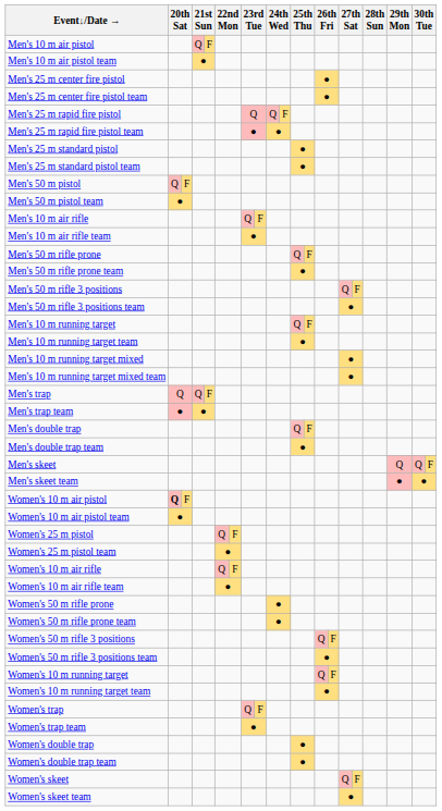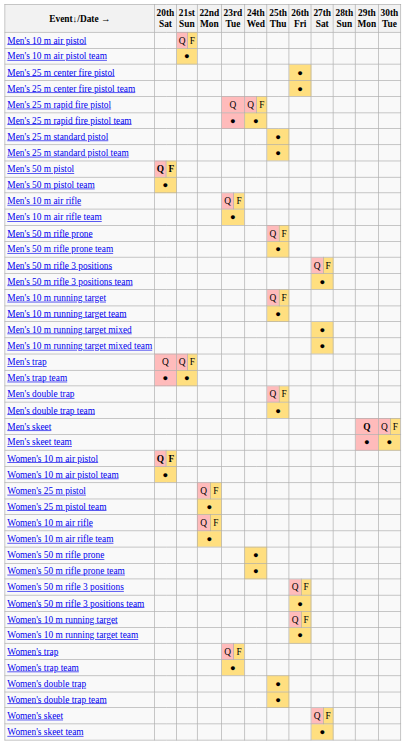 <table class="wikitable" style="margin:0.5em auto; font-size:90%; line-height:1.25em; text-align:center;">
 <tr>
 <th>Event↓/Date →</th>
 <th colspan=2>20th<br>Sat</th>
 <th colspan=2>21st<br>Sun</th>
 <th colspan=2>22nd<br>Mon</th>
 <th colspan=2>23rd<br>Tue</th>
 <th colspan=2>24th<br>Wed</th>
 <th colspan=2>25th<br>Thu</th>
 <th colspan=2>26th<br>Fri</th>
 <th colspan=2>27th<br>Sat</th>
 <th>28th<br>Sun</th>
 <th>29th<br>Mon</th>
 <th colspan=2>30th<br>Tue</th>
 </tr>
 <tr>
 <td align=left><a href='#'>Men's 10 m air pistol</a></td>
 <td colspan=2></td>
 <td bgcolor="#FFBBBB">Q</td>
 <td bgcolor="#FFDF80">F</td>
 <td colspan=2></td>
 <td colspan=2></td>
 <td colspan=2></td>
 <td colspan=2></td>
 <td colspan=2></td>
 <td colspan=2></td>
 <td></td>
 <td></td>
 <td colspan=2></td>
 </tr>
 <tr>
 <td align=left><a href='#'>Men's 10 m air pistol team</a></td>
 <td colspan=2></td>
 <td colspan=2 bgcolor="#FFDF80">●</td>
 <td colspan=2></td>
 <td colspan=2></td>
 <td colspan=2></td>
 <td colspan=2></td>
 <td colspan=2></td>
 <td colspan=2></td>
 <td></td>
 <td></td>
 <td colspan=2></td>
 </tr>
 <tr>
 <td align=left><a href='#'>Men's 25 m center fire pistol</a></td>
 <td colspan=2></td>
 <td colspan=2></td>
 <td colspan=2></td>
 <td colspan=2></td>
 <td colspan=2></td>
 <td colspan=2></td>
 <td colspan=2 bgcolor="#FFDF80">●</td>
 <td colspan=2></td>
 <td></td>
 <td></td>
 <td colspan=2></td>
 </tr>
 <tr>
 <td align=left><a href='#'>Men's 25 m center fire pistol team</a></td>
 <td colspan=2></td>
 <td colspan=2></td>
 <td colspan=2></td>
 <td colspan=2></td>
 <td colspan=2></td>
 <td colspan=2></td>
 <td colspan=2 bgcolor="#FFDF80">●</td>
 <td colspan=2></td>
 <td></td>
 <td></td>
 <td colspan=2></td>
 </tr>
 <tr>
 <td align=left><a href='#'>Men's 25 m rapid fire pistol</a></td>
 <td colspan=2></td>
 <td colspan=2></td>
 <td colspan=2></td>
 <td colspan=2 bgcolor="#FFBBBB">Q</td>
 <td bgcolor="#FFBBBB">Q</td>
 <td bgcolor="#FFDF80">F</td>
 <td colspan=2></td>
 <td colspan=2></td>
 <td colspan=2></td>
 <td></td>
 <td></td>
 <td colspan=2></td>
 </tr>
 <tr>
 <td align=left><a href='#'>Men's 25 m rapid fire pistol team</a></td>
 <td colspan=2></td>
 <td colspan=2></td>
 <td colspan=2></td>
 <td colspan=2 bgcolor="#FFBBBB">●</td>
 <td colspan=2 bgcolor="#FFDF80">●</td>
 <td colspan=2></td>
 <td colspan=2></td>
 <td colspan=2></td>
 <td></td>
 <td></td>
 <td colspan=2></td>
 </tr>
 <tr>
 <td align=left><a href='#'>Men's 25 m standard pistol</a></td>
 <td colspan=2></td>
 <td colspan=2></td>
 <td colspan=2></td>
 <td colspan=2></td>
 <td colspan=2></td>
 <td colspan=2 bgcolor="#FFDF80">●</td>
 <td colspan=2></td>
 <td colspan=2></td>
 <td></td>
 <td></td>
 <td colspan=2></td>
 </tr>
 <tr>
 <td align=left><a href='#'>Men's 25 m standard pistol team</a></td>
 <td colspan=2></td>
 <td colspan=2></td>
 <td colspan=2></td>
 <td colspan=2></td>
 <td colspan=2></td>
 <td colspan=2 bgcolor="#FFDF80">●</td>
 <td colspan=2></td>
 <td colspan=2></td>
 <td></td>
 <td></td>
 <td colspan=2></td>
 </tr>
 <tr>
 <td align=left><a href='#'>Men's 50 m pistol</a></td>
-<td bgcolor="#FFBBBB">Q</td>
-<td bgcolor="#FFDF80">F</td>
+<td bgcolor="#FFBBBB"><strong>Q</strong></td>
+<td bgcolor="#FFDF80"><strong>F</strong></td>
 <td colspan=2></td>
 <td colspan=2></td>
 <td colspan=2></td>
 <td colspan=2></td>
 <td colspan=2></td>
 <td colspan=2></td>
 <td colspan=2></td>
 <td></td>
 <td></td>
 <td colspan=2></td>
 </tr>
 <tr>
 <td align=left><a href='#'>Men's 50 m pistol team</a></td>
 <td colspan=2 bgcolor="#FFDF80">●</td>
 <td colspan=2></td>
 <td colspan=2></td>
 <td colspan=2></td>
 <td colspan=2></td>
 <td colspan=2></td>
 <td colspan=2></td>
 <td colspan=2></td>
 <td></td>
 <td></td>
 <td colspan=2></td>
 </tr>
 <tr>
 <td align=left><a href='#'>Men's 10 m air rifle</a></td>
 <td colspan=2></td>
 <td colspan=2></td>
 <td colspan=2></td>
 <td bgcolor="#FFBBBB">Q</td>
 <td bgcolor="#FFDF80">F</td>
 <td colspan=2></td>
 <td colspan=2></td>
 <td colspan=2></td>
 <td colspan=2></td>
 <td></td>
 <td></td>
 <td colspan=2></td>
 </tr>
 <tr>
 <td align=left><a href='#'>Men's 10 m air rifle team</a></td>
 <td colspan=2></td>
 <td colspan=2></td>
 <td colspan=2></td>
 <td colspan=2 bgcolor="#FFDF80">●</td>
 <td colspan=2></td>
 <td colspan=2></td>
 <td colspan=2></td>
 <td colspan=2></td>
 <td></td>
 <td></td>
 <td colspan=2></td>
 </tr>
 <tr>
 <td align=left><a href='#'>Men's 50 m rifle prone</a></td>
 <td colspan=2></td>
 <td colspan=2></td>
 <td colspan=2></td>
 <td colspan=2></td>
 <td colspan=2></td>
 <td bgcolor="#FFBBBB">Q</td>
 <td bgcolor="#FFDF80">F</td>
 <td colspan=2></td>
 <td colspan=2></td>
 <td></td>
 <td></td>
 <td colspan=2></td>
 </tr>
 <tr>
 <td align=left><a href='#'>Men's 50 m rifle prone team</a></td>
 <td colspan=2></td>
 <td colspan=2></td>
 <td colspan=2></td>
 <td colspan=2></td>
 <td colspan=2></td>
 <td colspan=2 bgcolor="#FFDF80">●</td>
 <td colspan=2></td>
 <td colspan=2></td>
 <td></td>
 <td></td>
 <td colspan=2></td>
 </tr>
 <tr>
 <td align=left><a href='#'>Men's 50 m rifle 3 positions</a></td>
 <td colspan=2></td>
 <td colspan=2></td>
 <td colspan=2></td>
 <td colspan=2></td>
 <td colspan=2></td>
 <td colspan=2></td>
 <td colspan=2></td>
 <td bgcolor="#FFBBBB">Q</td>
 <td bgcolor="#FFDF80">F</td>
 <td></td>
 <td></td>
 <td colspan=2></td>
 </tr>
 <tr>
 <td align=left><a href='#'>Men's 50 m rifle 3 positions team</a></td>
 <td colspan=2></td>
 <td colspan=2></td>
 <td colspan=2></td>
 <td colspan=2></td>
 <td colspan=2></td>
 <td colspan=2></td>
 <td colspan=2></td>
 <td colspan=2 bgcolor="#FFDF80">●</td>
 <td></td>
 <td></td>
 <td colspan=2></td>
 </tr>
 <tr>
 <td align=left><a href='#'>Men's 10 m running target</a></td>
 <td colspan=2></td>
 <td colspan=2></td>
 <td colspan=2></td>
 <td colspan=2></td>
 <td colspan=2></td>
 <td bgcolor="#FFBBBB">Q</td>
 <td bgcolor="#FFDF80">F</td>
 <td colspan=2></td>
 <td colspan=2></td>
 <td></td>
 <td></td>
 <td colspan=2></td>
 </tr>
 <tr>
 <td align=left><a href='#'>Men's 10 m running target team</a></td>
 <td colspan=2></td>
 <td colspan=2></td>
 <td colspan=2></td>
 <td colspan=2></td>
 <td colspan=2></td>
 <td colspan=2 bgcolor="#FFDF80">●</td>
 <td colspan=2></td>
 <td colspan=2></td>
 <td></td>
 <td></td>
 <td colspan=2></td>
 </tr>
 <tr>
 <td align=left><a href='#'>Men's 10 m running target mixed</a></td>
 <td colspan=2></td>
 <td colspan=2></td>
 <td colspan=2></td>
 <td colspan=2></td>
 <td colspan=2></td>
 <td colspan=2></td>
 <td colspan=2></td>
 <td colspan=2 bgcolor="#FFDF80">●</td>
 <td></td>
 <td></td>
 <td colspan=2></td>
 </tr>
 <tr>
 <td align=left><a href='#'>Men's 10 m running target mixed team</a></td>
 <td colspan=2></td>
 <td colspan=2></td>
 <td colspan=2></td>
 <td colspan=2></td>
 <td colspan=2></td>
 <td colspan=2></td>
 <td colspan=2></td>
 <td colspan=2 bgcolor="#FFDF80">●</td>
 <td></td>
 <td></td>
 <td colspan=2></td>
 </tr>
 <tr>
 <td align=left><a href='#'>Men's trap</a></td>
 <td colspan=2 bgcolor="#FFBBBB">Q</td>
 <td bgcolor="#FFBBBB">Q</td>
 <td bgcolor="#FFDF80">F</td>
 <td colspan=2></td>
 <td colspan=2></td>
 <td colspan=2></td>
 <td colspan=2></td>
 <td colspan=2></td>
 <td colspan=2></td>
 <td></td>
 <td></td>
 <td colspan=2></td>
 </tr>
 <tr>
 <td align=left><a href='#'>Men's trap team</a></td>
 <td colspan=2 bgcolor="#FFBBBB">●</td>
 <td colspan=2 bgcolor="#FFDF80">●</td>
 <td colspan=2></td>
 <td colspan=2></td>
 <td colspan=2></td>
 <td colspan=2></td>
 <td colspan=2></td>
 <td colspan=2></td>
 <td></td>
 <td></td>
 <td colspan=2></td>
 </tr>
 <tr>
 <td align=left><a href='#'>Men's double trap</a></td>
 <td colspan=2></td>
 <td colspan=2></td>
 <td colspan=2></td>
 <td colspan=2></td>
 <td colspan=2></td>
 <td bgcolor="#FFBBBB">Q</td>
 <td bgcolor="#FFDF80">F</td>
 <td colspan=2></td>
 <td colspan=2></td>
 <td></td>
 <td></td>
 <td colspan=2></td>
 </tr>
 <tr>
 <td align=left><a href='#'>Men's double trap team</a></td>
 <td colspan=2></td>
 <td colspan=2></td>
 <td colspan=2></td>
 <td colspan=2></td>
 <td colspan=2></td>
 <td colspan=2 bgcolor="#FFDF80">●</td>
 <td colspan=2></td>
 <td colspan=2></td>
 <td></td>
 <td></td>
 <td colspan=2></td>
 </tr>
 <tr>
 <td align=left><a href='#'>Men's skeet</a></td>
 <td colspan=2></td>
 <td colspan=2></td>
 <td colspan=2></td>
 <td colspan=2></td>
 <td colspan=2></td>
 <td colspan=2></td>
 <td colspan=2></td>
 <td colspan=2></td>
 <td></td>
-<td bgcolor="#FFBBBB">Q</td>
+<td bgcolor="#FFBBBB"><strong>Q</strong></td>
 <td bgcolor="#FFBBBB">Q</td>
 <td bgcolor="#FFDF80">F</td>
 </tr>
 <tr>
 <td align=left><a href='#'>Men's skeet team</a></td>
 <td colspan=2></td>
 <td colspan=2></td>
 <td colspan=2></td>
 <td colspan=2></td>
 <td colspan=2></td>
 <td colspan=2></td>
 <td colspan=2></td>
 <td colspan=2></td>
 <td></td>
 <td bgcolor="#FFBBBB">●</td>
 <td colspan=2 bgcolor="#FFDF80">●</td>
 </tr>
 <tr>
 <td align=left><a href='#'>Women's 10 m air pistol</a></td>
 <td bgcolor="#FFBBBB"><strong>Q</strong></td>
-<td bgcolor="#FFDF80">F</td>
+<td bgcolor="#FFDF80"><strong>F</strong></td>
 <td colspan=2></td>
 <td colspan=2></td>
 <td colspan=2></td>
 <td colspan=2></td>
 <td colspan=2></td>
 <td colspan=2></td>
 <td colspan=2></td>
 <td></td>
 <td></td>
 <td colspan=2></td>
 </tr>
 <tr>
 <td align=left><a href='#'>Women's 10 m air pistol team</a></td>
 <td colspan=2 bgcolor="#FFDF80">●</td>
 <td colspan=2></td>
 <td colspan=2></td>
 <td colspan=2></td>
 <td colspan=2></td>
 <td colspan=2></td>
 <td colspan=2></td>
 <td colspan=2></td>
 <td></td>
 <td></td>
 <td colspan=2></td>
 </tr>
 <tr>
 <td align=left><a href='#'>Women's 25 m pistol</a></td>
 <td colspan=2></td>
 <td colspan=2></td>
 <td bgcolor="#FFBBBB">Q</td>
 <td bgcolor="#FFDF80">F</td>
 <td colspan=2></td>
 <td colspan=2></td>
 <td colspan=2></td>
 <td colspan=2></td>
 <td colspan=2></td>
 <td></td>
 <td></td>
 <td colspan=2></td>
 </tr>
 <tr>
 <td align=left><a href='#'>Women's 25 m pistol team</a></td>
 <td colspan=2></td>
 <td colspan=2></td>
 <td colspan=2 bgcolor="#FFDF80">●</td>
 <td colspan=2></td>
 <td colspan=2></td>
 <td colspan=2></td>
 <td colspan=2></td>
 <td colspan=2></td>
 <td></td>
 <td></td>
 <td colspan=2></td>
 </tr>
 <tr>
 <td align=left><a href='#'>Women's 10 m air rifle</a></td>
 <td colspan=2></td>
 <td colspan=2></td>
 <td bgcolor="#FFBBBB">Q</td>
 <td bgcolor="#FFDF80">F</td>
 <td colspan=2></td>
 <td colspan=2></td>
 <td colspan=2></td>
 <td colspan=2></td>
 <td colspan=2></td>
 <td></td>
 <td></td>
 <td colspan=2></td>
 </tr>
 <tr>
 <td align=left><a href='#'>Women's 10 m air rifle team</a></td>
 <td colspan=2></td>
 <td colspan=2></td>
 <td colspan=2 bgcolor="#FFDF80">●</td>
 <td colspan=2></td>
 <td colspan=2></td>
 <td colspan=2></td>
 <td colspan=2></td>
 <td colspan=2></td>
 <td></td>
 <td></td>
 <td colspan=2></td>
 </tr>
 <tr>
 <td align=left><a href='#'>Women's 50 m rifle prone</a></td>
 <td colspan=2></td>
 <td colspan=2></td>
 <td colspan=2></td>
 <td colspan=2></td>
 <td colspan=2 bgcolor="#FFDF80">●</td>
 <td colspan=2></td>
 <td colspan=2></td>
 <td colspan=2></td>
 <td></td>
 <td></td>
 <td colspan=2></td>
 </tr>
 <tr>
 <td align=left><a href='#'>Women's 50 m rifle prone team</a></td>
 <td colspan=2></td>
 <td colspan=2></td>
 <td colspan=2></td>
 <td colspan=2></td>
 <td colspan=2 bgcolor="#FFDF80">●</td>
 <td colspan=2></td>
 <td colspan=2></td>
 <td colspan=2></td>
 <td></td>
 <td></td>
 <td colspan=2></td>
 </tr>
 <tr>
 <td align=left><a href='#'>Women's 50 m rifle 3 positions</a></td>
 <td colspan=2></td>
 <td colspan=2></td>
 <td colspan=2></td>
 <td colspan=2></td>
 <td colspan=2></td>
 <td colspan=2></td>
 <td bgcolor="#FFBBBB">Q</td>
 <td bgcolor="#FFDF80">F</td>
 <td colspan=2></td>
 <td></td>
 <td></td>
 <td colspan=2></td>
 </tr>
 <tr>
 <td align=left><a href='#'>Women's 50 m rifle 3 positions team</a></td>
 <td colspan=2></td>
 <td colspan=2></td>
 <td colspan=2></td>
 <td colspan=2></td>
 <td colspan=2></td>
 <td colspan=2></td>
 <td colspan=2 bgcolor="#FFDF80">●</td>
 <td colspan=2></td>
 <td></td>
 <td></td>
 <td colspan=2></td>
 </tr>
 <tr>
 <td align=left><a href='#'>Women's 10 m running target</a></td>
 <td colspan=2></td>
 <td colspan=2></td>
 <td colspan=2></td>
 <td colspan=2></td>
 <td colspan=2></td>
 <td colspan=2></td>
 <td bgcolor="#FFBBBB">Q</td>
 <td bgcolor="#FFDF80">F</td>
 <td colspan=2></td>
 <td></td>
 <td></td>
 <td colspan=2></td>
 </tr>
 <tr>
 <td align=left><a href='#'>Women's 10 m running target team</a></td>
 <td colspan=2></td>
 <td colspan=2></td>
 <td colspan=2></td>
 <td colspan=2></td>
 <td colspan=2></td>
 <td colspan=2></td>
 <td colspan=2 bgcolor="#FFDF80">●</td>
 <td colspan=2></td>
 <td></td>
 <td></td>
 <td colspan=2></td>
 </tr>
 <tr>
 <td align=left><a href='#'>Women's trap</a></td>
 <td colspan=2></td>
 <td colspan=2></td>
 <td colspan=2></td>
 <td bgcolor="#FFBBBB">Q</td>
 <td bgcolor="#FFDF80">F</td>
 <td colspan=2></td>
 <td colspan=2></td>
 <td colspan=2></td>
 <td colspan=2></td>
 <td></td>
 <td></td>
 <td colspan=2></td>
 </tr>
 <tr>
 <td align=left><a href='#'>Women's trap team</a></td>
 <td colspan=2></td>
 <td colspan=2></td>
 <td colspan=2></td>
 <td colspan=2 bgcolor="#FFDF80">●</td>
 <td colspan=2></td>
 <td colspan=2></td>
 <td colspan=2></td>
 <td colspan=2></td>
 <td></td>
 <td></td>
 <td colspan=2></td>
 </tr>
 <tr>
 <td align=left><a href='#'>Women's double trap</a></td>
 <td colspan=2></td>
 <td colspan=2></td>
 <td colspan=2></td>
 <td colspan=2></td>
 <td colspan=2></td>
 <td colspan=2 bgcolor="#FFDF80">●</td>
 <td colspan=2></td>
 <td colspan=2></td>
 <td></td>
 <td></td>
 <td colspan=2></td>
 </tr>
 <tr>
 <td align=left><a href='#'>Women's double trap team</a></td>
 <td colspan=2></td>
 <td colspan=2></td>
 <td colspan=2></td>
 <td colspan=2></td>
 <td colspan=2></td>
 <td colspan=2 bgcolor="#FFDF80">●</td>
 <td colspan=2></td>
 <td colspan=2></td>
 <td></td>
 <td></td>
 <td colspan=2></td>
 </tr>
 <tr>
 <td align=left><a href='#'>Women's skeet</a></td>
 <td colspan=2></td>
 <td colspan=2></td>
 <td colspan=2></td>
 <td colspan=2></td>
 <td colspan=2></td>
 <td colspan=2></td>
 <td colspan=2></td>
 <td bgcolor="#FFBBBB">Q</td>
 <td bgcolor="#FFDF80">F</td>
 <td></td>
 <td></td>
 <td colspan=2></td>
 </tr>
 <tr>
 <td align=left><a href='#'>Women's skeet team</a></td>
 <td colspan=2></td>
 <td colspan=2></td>
 <td colspan=2></td>
 <td colspan=2></td>
 <td colspan=2></td>
 <td colspan=2></td>
 <td colspan=2></td>
 <td colspan=2 bgcolor="#FFDF80">●</td>
 <td></td>
 <td></td>
 <td colspan=2></td>
 </tr>
 </table>
